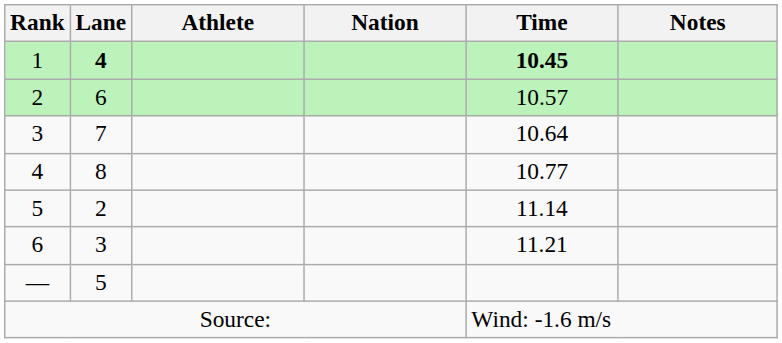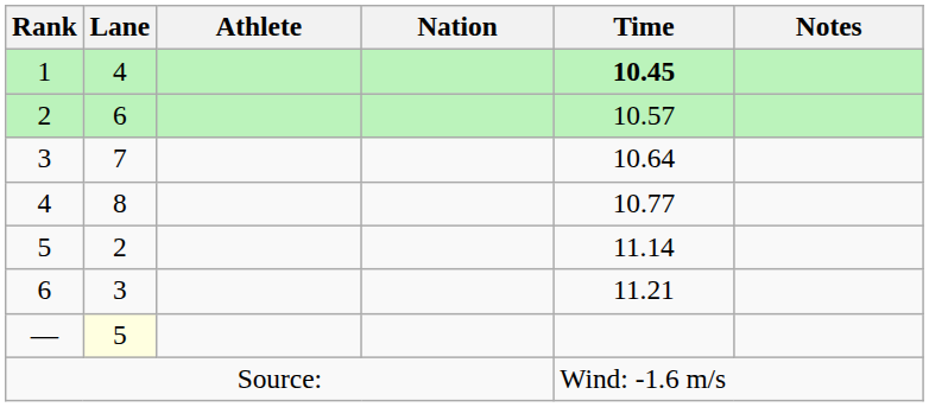 <table class="wikitable sortable" style="text-align:center;width: 60%;">
 <tr>
 <th scope="col" style="width: 10px;">Rank</th>
 <th scope="col" style="width: 10px;">Lane</th>
 <th scope="col">Athlete</th>
 <th scope="col">Nation</th>
 <th scope="col">Time</th>
 <th scope="col">Notes</th>
 </tr>
 <tr bgcolor=bbf3bb>
 <td>1</td>
-<td><strong>4</strong></td>
+<td>4</td>
 <td align=left></td>
 <td align=left></td>
 <td><strong>10.45</strong></td>
 <td></td>
 </tr>
 <tr bgcolor=bbf3bb>
 <td>2</td>
 <td>6</td>
 <td align=left></td>
 <td align=left></td>
 <td>10.57</td>
 <td></td>
 </tr>
 <tr>
 <td>3</td>
 <td>7</td>
 <td align=left></td>
 <td align=left></td>
 <td>10.64</td>
 <td></td>
 </tr>
 <tr>
 <td>4</td>
 <td>8</td>
 <td align=left></td>
 <td align=left></td>
 <td>10.77</td>
 <td></td>
 </tr>
 <tr>
 <td>5</td>
 <td>2</td>
 <td align=left></td>
 <td align=left></td>
 <td>11.14</td>
 <td></td>
 </tr>
 <tr>
 <td>6</td>
 <td>3</td>
 <td align=left></td>
 <td align=left></td>
 <td>11.21</td>
 <td></td>
 </tr>
 <tr>
 <td>—</td>
-<td>5</td>
+<td style="background: lightyellow;">5</td>
 <td align=left></td>
 <td align=left></td>
 <td></td>
 <td></td>
 </tr>
 <tr class="sortbottom">
 <td colspan="4">Source:</td>
 <td colspan="2" style="text-align:left;">Wind: -1.6 m/s</td>
 </tr>
 </table>
